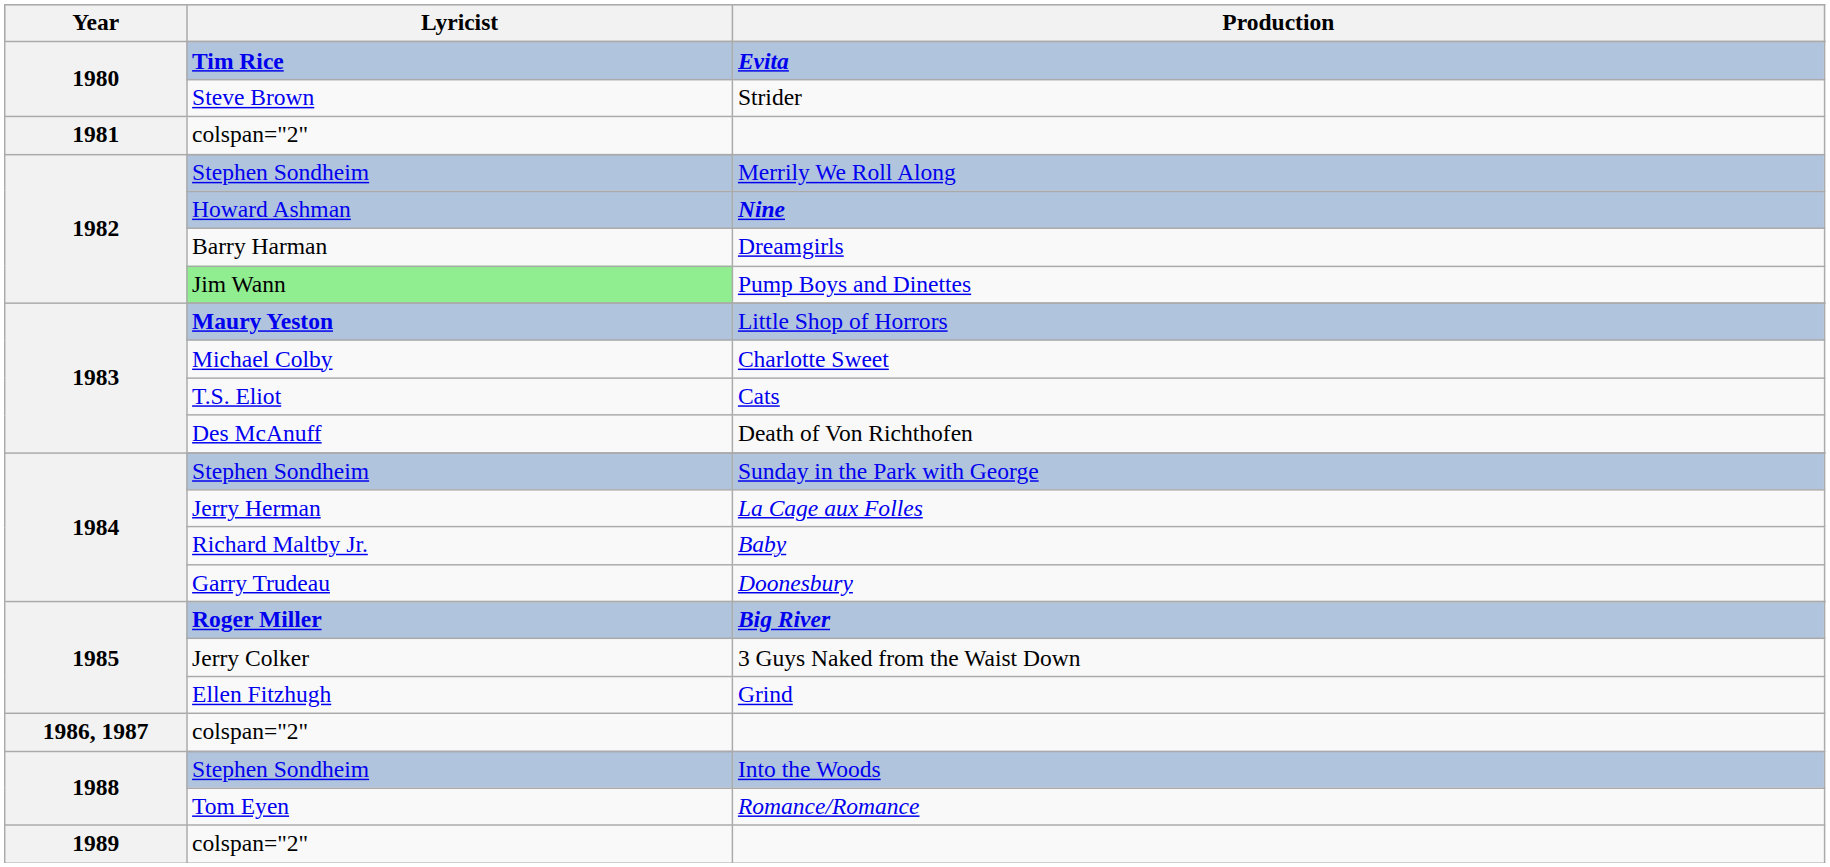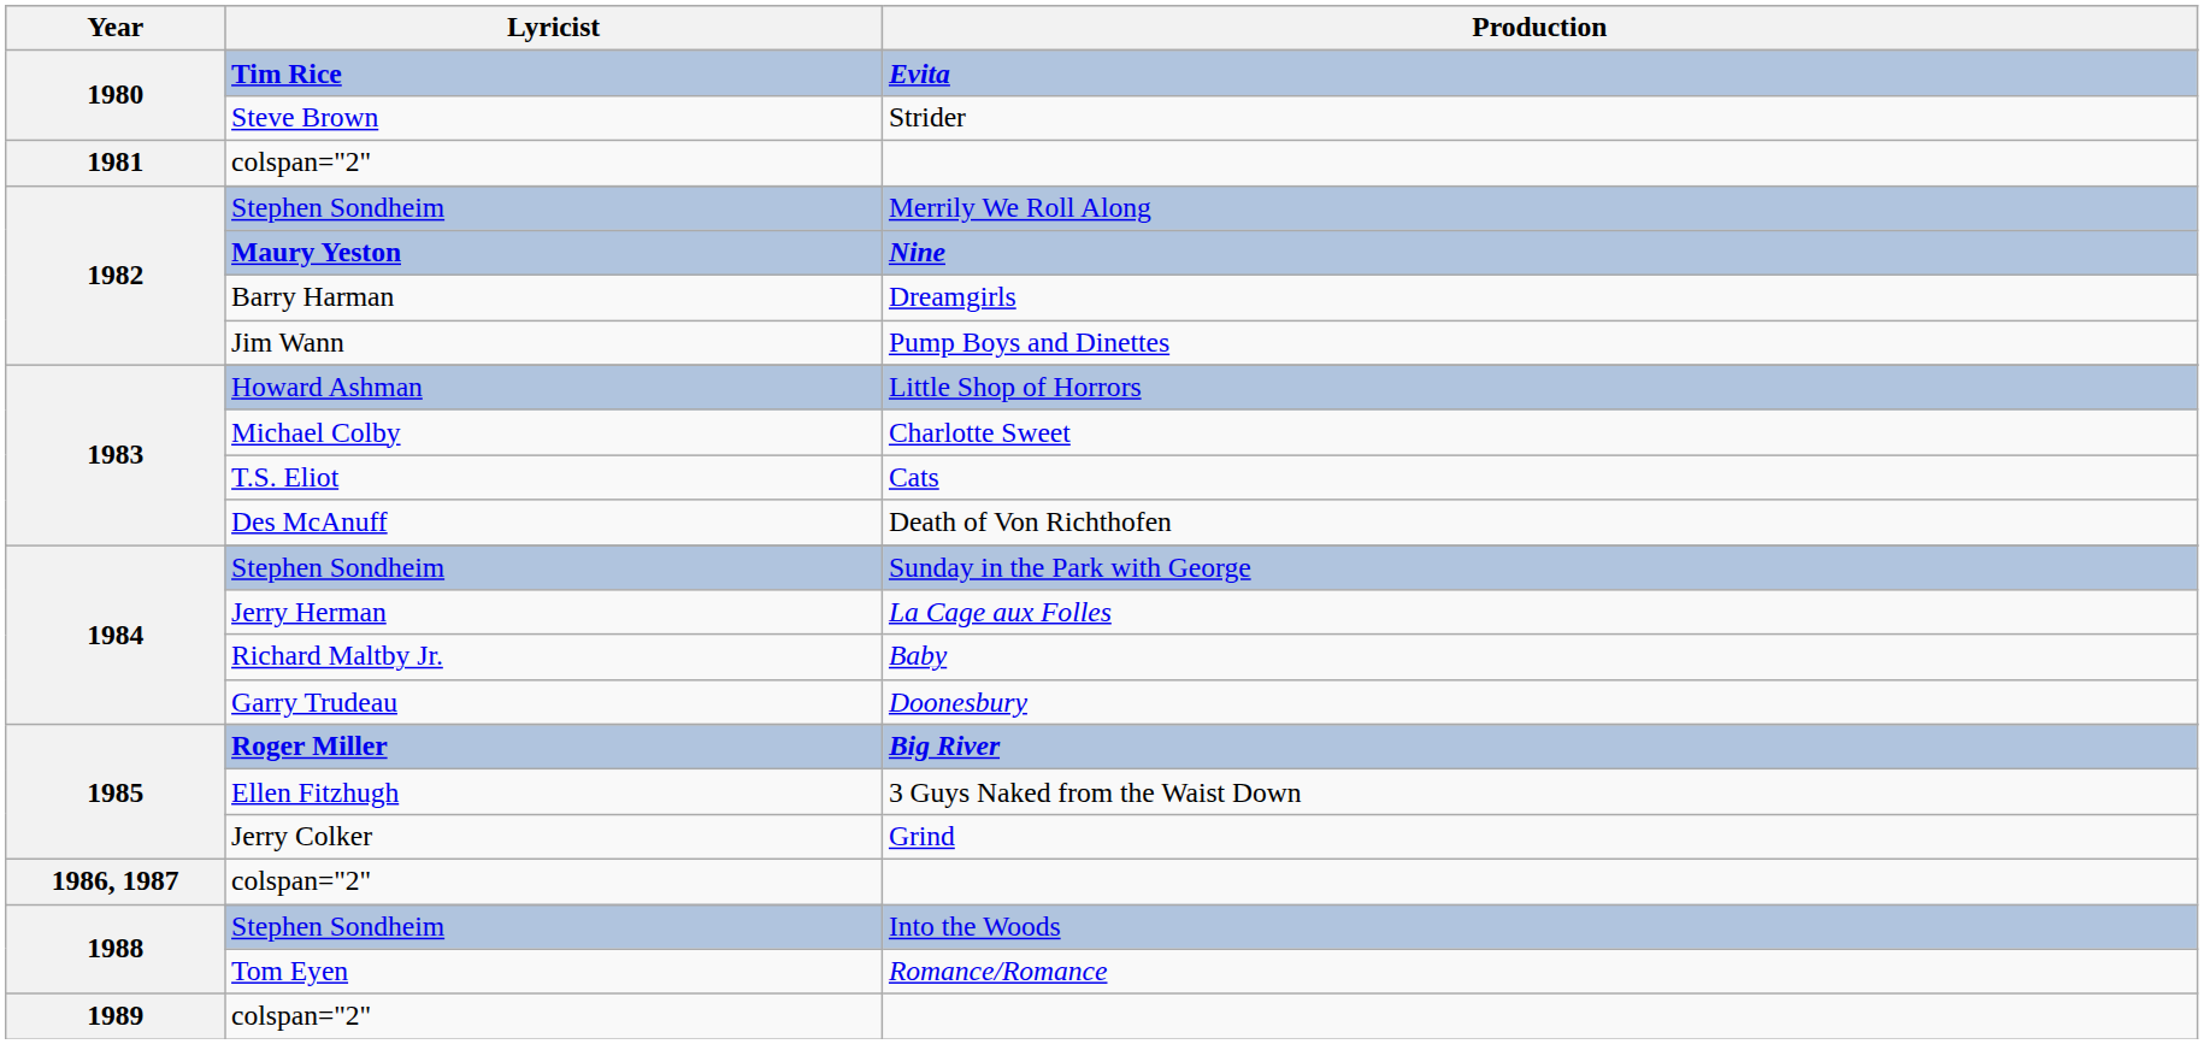 <table class="wikitable" style="width:98%;">
 <tr style="background:#bebebe;">
 <th style="width:10%;">Year</th>
 <th style="width:30%;">Lyricist</th>
 <th style="width:60%;">Production</th>
 </tr>
 <tr>
 <th rowspan="3" align="center">1980</th>
 </tr>
 <tr style="background:#B0C4DE">
 <td><strong><a href='#'>Tim Rice</a></strong></td>
 <td><strong><em><a href='#'>Evita</a><em> <strong></td>
 </tr>
 <tr>
 <td><a href='#'>Steve Brown</a></td>
 <td></em>Strider<em></td>
 </tr>
 <tr>
 <th align="center">1981</th>
 <td>colspan="2" </td>
 </tr>
 <tr>
 <th rowspan="5" align="center">1982</th>
 </tr>
 <tr style="background:#B0C4DE">
 <td></strong><a href='#'>Stephen Sondheim</a><strong></td>
 <td></em></strong><a href='#'>Merrily We Roll Along</a></em> </strong></td>
 </tr>
 <tr style="background:#B0C4DE">
-<td></strong><a href='#'>Howard Ashman</a><strong></td>
+<td><strong><a href='#'>Maury Yeston</a></strong></td>
 <td><strong><em><a href='#'>Nine</a><em> <strong></td>
 </tr>
 <tr>
 <td>Barry Harman</td>
 <td></em><a href='#'>Dreamgirls</a><em></td>
 </tr>
 <tr>
-<td style="background: lightgreen;">Jim Wann</td>
+<td>Jim Wann</td>
 <td></em><a href='#'>Pump Boys and Dinettes</a><em></td>
 </tr>
 <tr>
 <th rowspan="5" align="center">1983</th>
 </tr>
 <tr style="background:#B0C4DE">
-<td><strong><a href='#'>Maury Yeston</a></strong></td>
+<td></strong><a href='#'>Howard Ashman</a><strong></td>
 <td></em></strong><a href='#'>Little Shop of Horrors</a><strong><em></td>
 </tr>
 <tr>
 <td><a href='#'>Michael Colby</a></td>
 <td></em><a href='#'>Charlotte Sweet</a><em></td>
 </tr>
 <tr>
 <td><a href='#'>T.S. Eliot</a></td>
 <td></em><a href='#'>Cats</a><em></td>
 </tr>
 <tr>
 <td><a href='#'>Des McAnuff</a></td>
 <td></em>Death of Von Richthofen<em></td>
 </tr>
 <tr>
 <th rowspan="5" align="center">1984</th>
 </tr>
 <tr style="background:#B0C4DE">
 <td></strong><a href='#'>Stephen Sondheim</a><strong></td>
 <td></em></strong><a href='#'>Sunday in the Park with George</a></em> </strong></td>
 </tr>
 <tr>
 <td><a href='#'>Jerry Herman</a></td>
 <td><em><a href='#'>La Cage aux Folles</a></em></td>
 </tr>
 <tr>
 <td><a href='#'>Richard Maltby Jr.</a></td>
 <td><em><a href='#'>Baby</a></em></td>
 </tr>
 <tr>
 <td><a href='#'>Garry Trudeau</a></td>
 <td><em><a href='#'>Doonesbury</a></em></td>
 </tr>
 <tr>
 <th rowspan="4" align="center">1985</th>
 </tr>
 <tr style="background:#B0C4DE">
 <td><strong><a href='#'>Roger Miller</a></strong></td>
 <td><strong><em><a href='#'>Big River</a><em> <strong></td>
 </tr>
 <tr>
-<td>Jerry Colker</td>
+<td><a href='#'>Ellen Fitzhugh</a></td>
 <td></em>3 Guys Naked from the Waist Down<em></td>
 </tr>
 <tr>
-<td><a href='#'>Ellen Fitzhugh</a></td>
+<td>Jerry Colker</td>
 <td></em><a href='#'>Grind</a><em></td>
 </tr>
 <tr>
 <th align="center">1986, 1987</th>
 <td>colspan="2" </td>
 </tr>
 <tr>
 <th rowspan="3" align="center">1988</th>
 </tr>
 <tr style="background:#B0C4DE">
 <td></strong><a href='#'>Stephen Sondheim</a><strong></td>
 <td></em></strong><a href='#'>Into the Woods</a></em> </strong></td>
 </tr>
 <tr>
 <td><a href='#'>Tom Eyen</a></td>
 <td><em><a href='#'>Romance/Romance</a></em></td>
 </tr>
 <tr>
 <th align="center">1989</th>
 <td>colspan="2" </td>
 </tr>
 </table>
